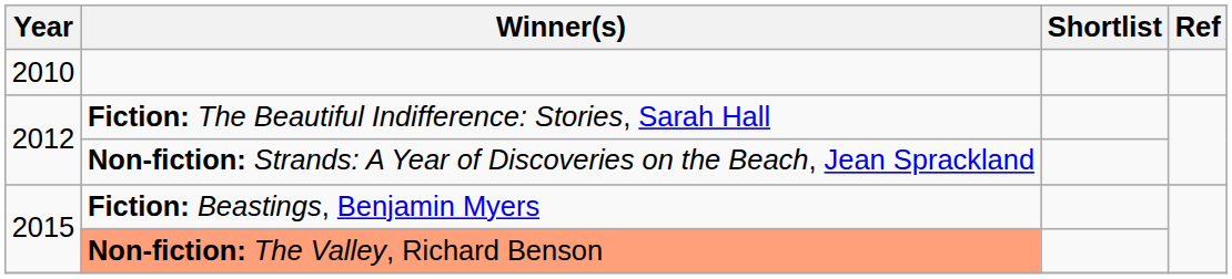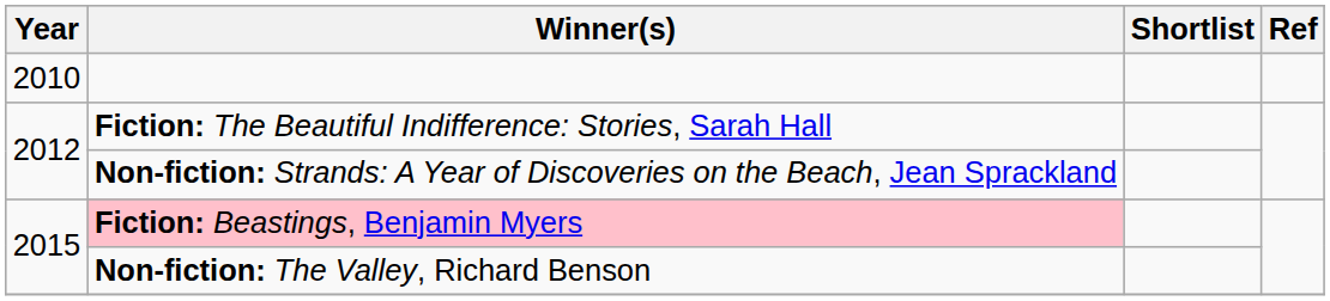 <table class="wikitable">
 <tr>
 <th>Year</th>
 <th>Winner(s)</th>
 <th>Shortlist</th>
 <th>Ref</th>
 </tr>
 <tr>
 <td>2010</td>
 <td></td>
 <td></td>
 <td></td>
 </tr>
 <tr>
 <td rowspan="2">2012</td>
 <td><strong>Fiction:</strong> <em>The Beautiful Indifference: Stories</em>, <a href='#'>Sarah Hall</a></td>
 <td></td>
 <td rowspan="2"></td>
 </tr>
 <tr>
 <td><strong>Non-fiction:</strong> <em>Strands: A Year of Discoveries on the Beach</em>, <a href='#'>Jean Sprackland</a></td>
 <td></td>
 </tr>
 <tr>
 <td rowspan="2">2015</td>
-<td><strong>Fiction:</strong> <em>Beastings</em>, <a href='#'>Benjamin Myers</a></td>
+<td style="background: pink;"><strong>Fiction:</strong> <em>Beastings</em>, <a href='#'>Benjamin Myers</a></td>
 <td></td>
 <td rowspan="2"></td>
 </tr>
 <tr>
-<td style="background: lightsalmon;"><strong>Non-fiction:</strong> <em>The Valley</em>, Richard Benson</td>
+<td><strong>Non-fiction:</strong> <em>The Valley</em>, Richard Benson</td>
 <td></td>
 </tr>
 <tr>
 </tr>
 </table>
